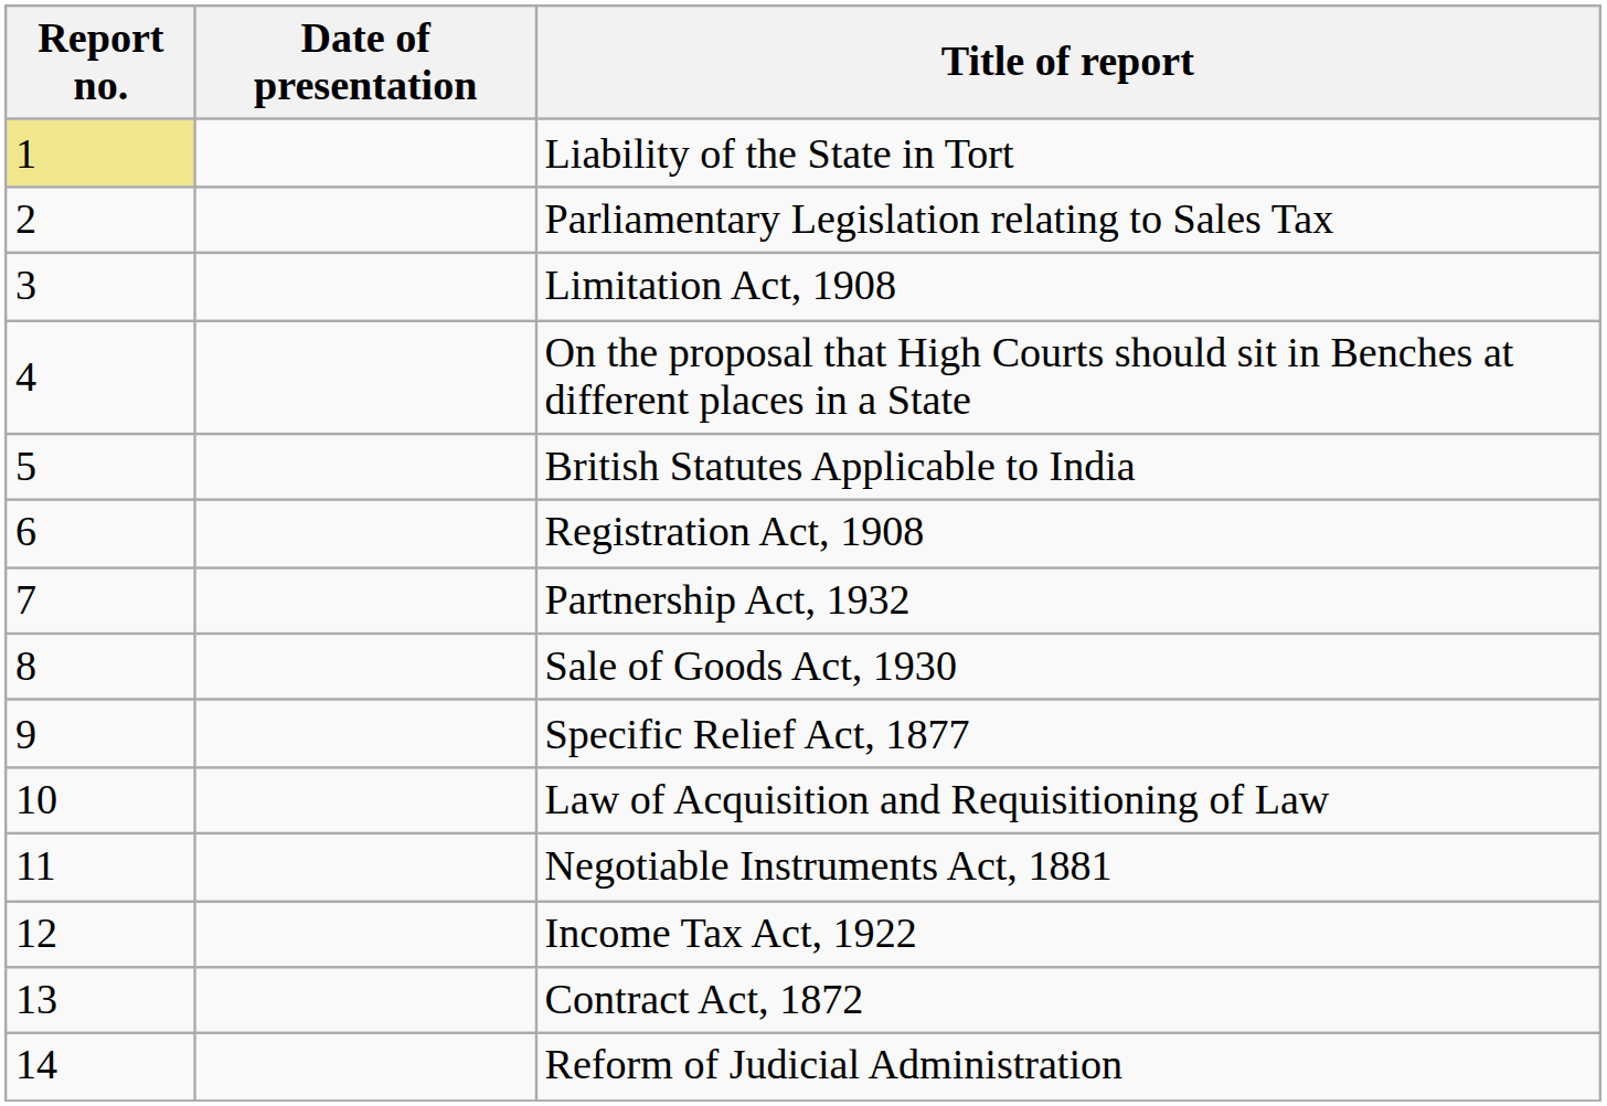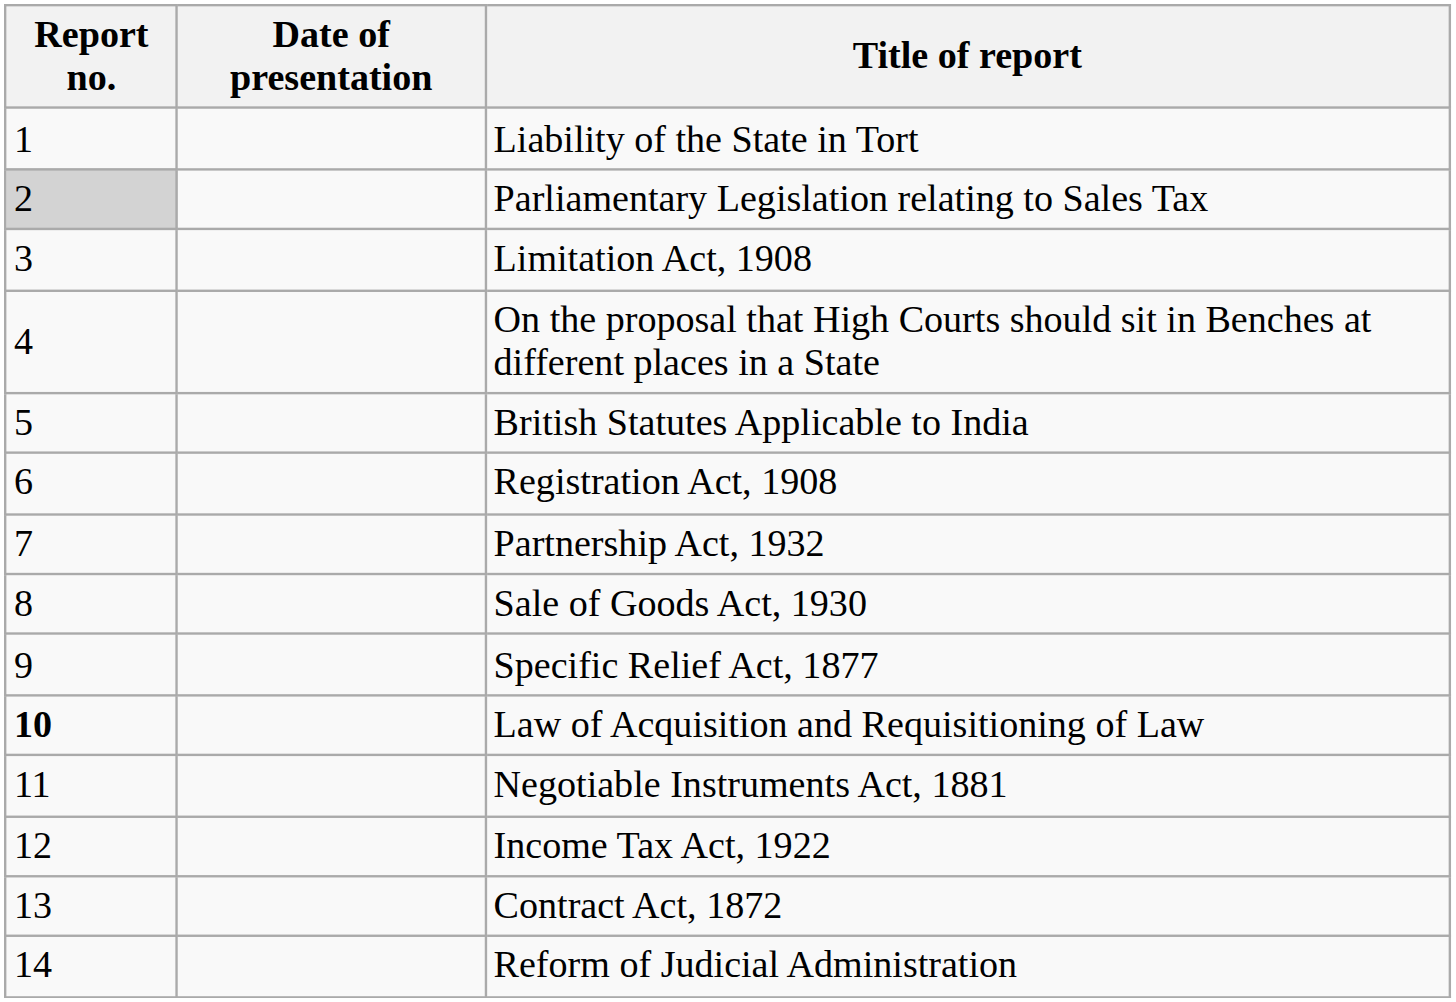 <table class="wikitable">
 <tr>
 <th>Report no.</th>
 <th>Date of presentation</th>
 <th>Title of report</th>
 </tr>
 <tr>
-<td style="background: khaki;">1</td>
+<td>1</td>
 <td></td>
 <td>Liability of the State in Tort</td>
 </tr>
 <tr>
-<td>2</td>
+<td style="background: lightgrey;">2</td>
 <td></td>
 <td>Parliamentary Legislation relating to Sales Tax</td>
 </tr>
 <tr>
 <td>3</td>
 <td></td>
 <td>Limitation Act, 1908</td>
 </tr>
 <tr>
 <td>4</td>
 <td></td>
 <td>On the proposal that High Courts should sit in Benches at different places in a State</td>
 </tr>
 <tr>
 <td>5</td>
 <td></td>
 <td>British Statutes Applicable to India</td>
 </tr>
 <tr>
 <td>6</td>
 <td></td>
 <td>Registration Act, 1908</td>
 </tr>
 <tr>
 <td>7</td>
 <td></td>
 <td>Partnership Act, 1932</td>
 </tr>
 <tr>
 <td>8</td>
 <td></td>
 <td>Sale of Goods Act, 1930</td>
 </tr>
 <tr>
 <td>9</td>
 <td></td>
 <td>Specific Relief Act, 1877</td>
 </tr>
 <tr>
-<td>10</td>
+<td><strong>10</strong></td>
 <td></td>
 <td>Law of Acquisition and Requisitioning of Law</td>
 </tr>
 <tr>
 <td>11</td>
 <td></td>
 <td>Negotiable Instruments Act, 1881</td>
 </tr>
 <tr>
 <td>12</td>
 <td></td>
 <td>Income Tax Act, 1922</td>
 </tr>
 <tr>
 <td>13</td>
 <td></td>
 <td>Contract Act, 1872</td>
 </tr>
 <tr>
 <td>14</td>
 <td></td>
 <td>Reform of Judicial Administration</td>
 </tr>
 <tr>
 </tr>
 </table>
